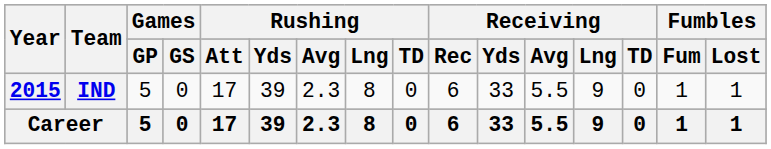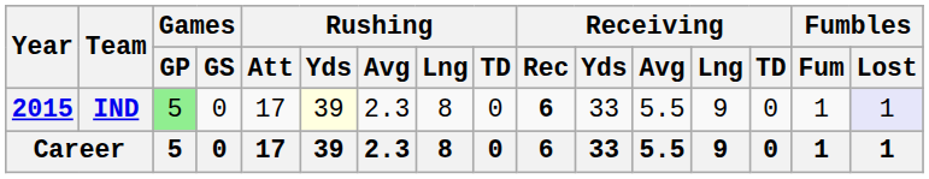 <table class=wikitable style="text-align:center;">
 <tr>
 <th rowspan="2">Year</th>
 <th rowspan="2">Team</th>
 <th colspan="2">Games</th>
 <th colspan="5">Rushing</th>
 <th colspan="5">Receiving</th>
 <th colspan="2">Fumbles</th>
 </tr>
 <tr>
 <th>GP</th>
 <th>GS</th>
 <th>Att</th>
 <th>Yds</th>
 <th>Avg</th>
 <th>Lng</th>
 <th>TD</th>
 <th>Rec</th>
 <th>Yds</th>
 <th>Avg</th>
 <th>Lng</th>
 <th>TD</th>
 <th>Fum</th>
 <th>Lost</th>
 </tr>
 <tr>
 <th><a href='#'>2015</a></th>
 <th><a href='#'>IND</a></th>
-<td>5</td>
+<td style="background: lightgreen;">5</td>
 <td>0</td>
 <td>17</td>
-<td>39</td>
+<td style="background: lightyellow;">39</td>
 <td>2.3</td>
 <td>8</td>
 <td>0</td>
-<td>6</td>
+<td><strong>6</strong></td>
 <td>33</td>
 <td>5.5</td>
 <td>9</td>
 <td>0</td>
 <td>1</td>
-<td>1</td>
+<td style="background: lavender;">1</td>
 </tr>
 <tr>
 <th colspan="2">Career</th>
 <th>5</th>
 <th>0</th>
 <th>17</th>
 <th>39</th>
 <th>2.3</th>
 <th>8</th>
 <th>0</th>
 <th>6</th>
 <th>33</th>
 <th>5.5</th>
 <th>9</th>
 <th>0</th>
 <th>1</th>
 <th>1</th>
 </tr>
 </table>
